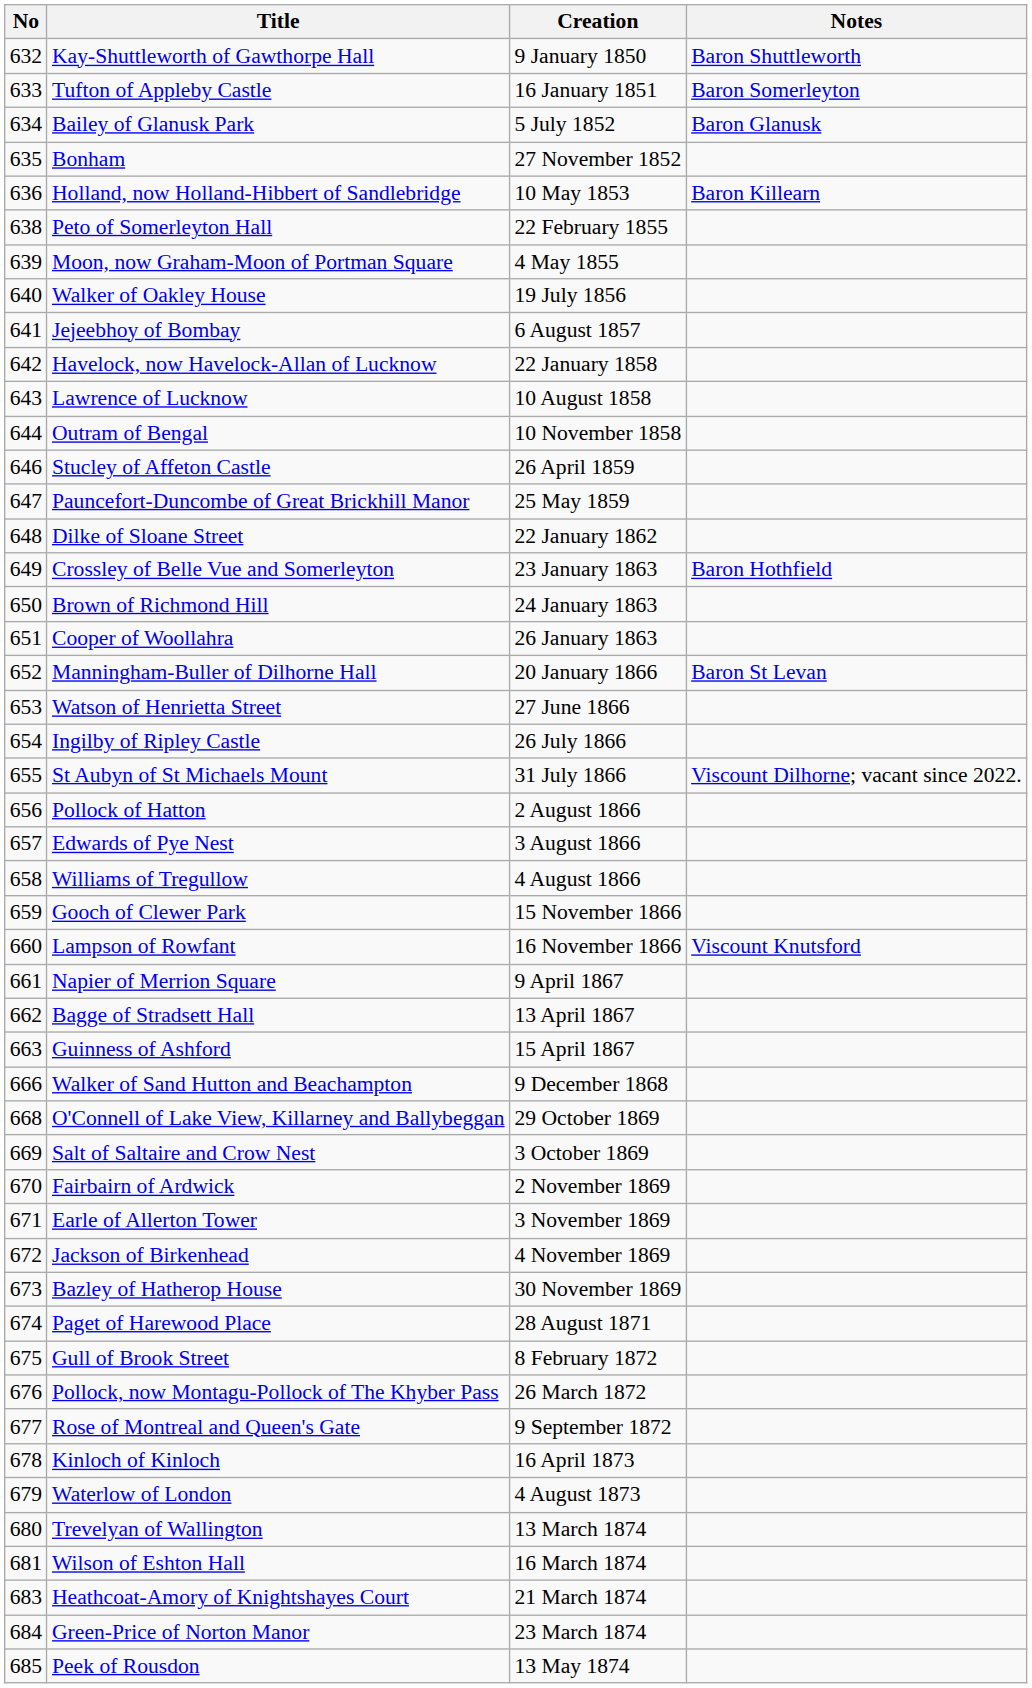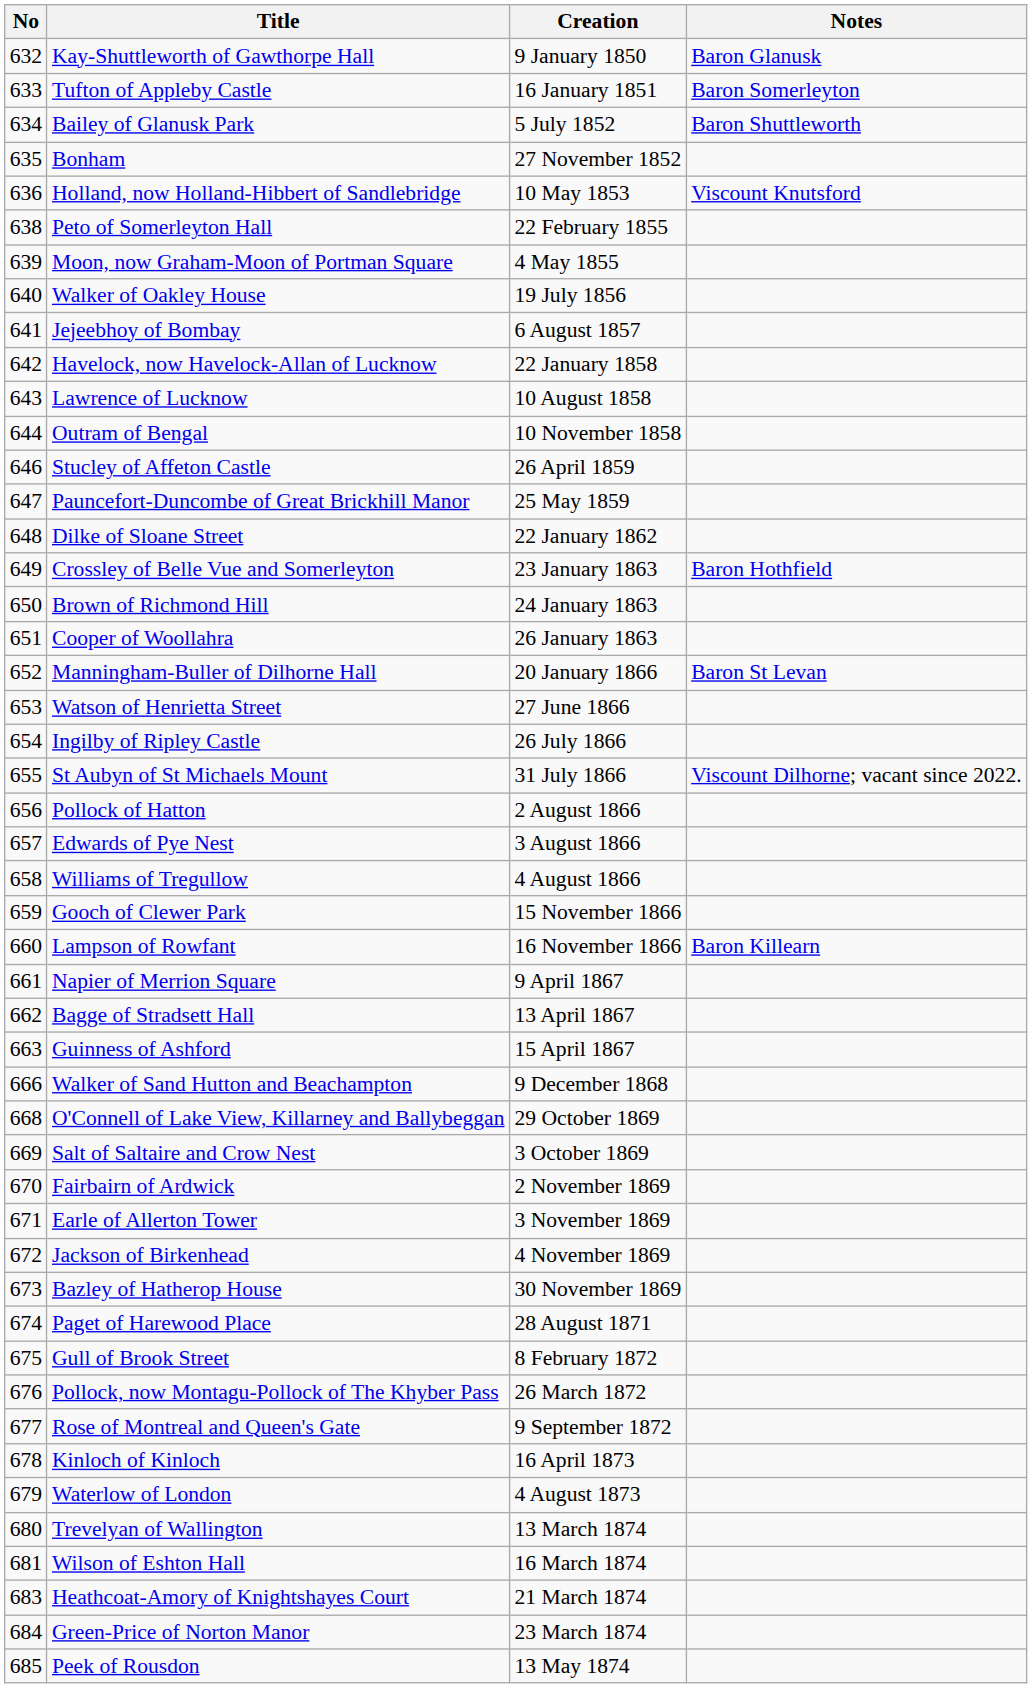 <table class="wikitable">
 <tr>
 <th>No</th>
 <th>Title</th>
 <th>Creation</th>
 <th>Notes</th>
 </tr>
 <tr>
 <td>632</td>
 <td><a href='#'>Kay-Shuttleworth of Gawthorpe Hall</a></td>
 <td>9 January 1850</td>
-<td><a href='#'>Baron Shuttleworth</a></td>
+<td><a href='#'>Baron Glanusk</a></td>
 </tr>
 <tr>
 <td>633</td>
 <td><a href='#'>Tufton of Appleby Castle</a></td>
 <td>16 January 1851</td>
 <td><a href='#'>Baron Somerleyton</a></td>
 </tr>
 <tr>
 <td>634</td>
 <td><a href='#'>Bailey of Glanusk Park</a></td>
 <td>5 July 1852</td>
-<td><a href='#'>Baron Glanusk</a></td>
+<td><a href='#'>Baron Shuttleworth</a></td>
 </tr>
 <tr>
 <td>635</td>
 <td><a href='#'>Bonham</a></td>
 <td>27 November 1852</td>
 <td></td>
 </tr>
 <tr>
 <td>636</td>
 <td><a href='#'>Holland, now Holland-Hibbert of Sandlebridge</a></td>
 <td>10 May 1853</td>
-<td><a href='#'>Baron Killearn</a></td>
+<td><a href='#'>Viscount Knutsford</a></td>
 </tr>
 <tr>
 <td>638</td>
 <td><a href='#'>Peto of Somerleyton Hall</a></td>
 <td>22 February 1855</td>
 <td></td>
 </tr>
 <tr>
 <td>639</td>
 <td><a href='#'>Moon, now Graham-Moon of Portman Square</a></td>
 <td>4 May 1855</td>
 <td></td>
 </tr>
 <tr>
 <td>640</td>
 <td><a href='#'>Walker of Oakley House</a></td>
 <td>19 July 1856</td>
 <td></td>
 </tr>
 <tr>
 <td>641</td>
 <td><a href='#'>Jejeebhoy of Bombay</a></td>
 <td>6 August 1857</td>
 <td></td>
 </tr>
 <tr>
 <td>642</td>
 <td><a href='#'>Havelock, now Havelock-Allan of Lucknow</a></td>
 <td>22 January 1858</td>
 <td></td>
 </tr>
 <tr>
 <td>643</td>
 <td><a href='#'>Lawrence of Lucknow</a></td>
 <td>10 August 1858</td>
 <td></td>
 </tr>
 <tr>
 <td>644</td>
 <td><a href='#'>Outram of Bengal</a></td>
 <td>10 November 1858</td>
 <td></td>
 </tr>
 <tr>
 <td>646</td>
 <td><a href='#'>Stucley of Affeton Castle</a></td>
 <td>26 April 1859</td>
 <td></td>
 </tr>
 <tr>
 <td>647</td>
 <td><a href='#'>Pauncefort-Duncombe of Great Brickhill Manor</a></td>
 <td>25 May 1859</td>
 <td></td>
 </tr>
 <tr>
 <td>648</td>
 <td><a href='#'>Dilke of Sloane Street</a></td>
 <td>22 January 1862</td>
 <td></td>
 </tr>
 <tr>
 <td>649</td>
 <td><a href='#'>Crossley of Belle Vue and Somerleyton</a></td>
 <td>23 January 1863</td>
 <td><a href='#'>Baron Hothfield</a></td>
 </tr>
 <tr>
 <td>650</td>
 <td><a href='#'>Brown of Richmond Hill</a></td>
 <td>24 January 1863</td>
 <td></td>
 </tr>
 <tr>
 <td>651</td>
 <td><a href='#'>Cooper of Woollahra</a></td>
 <td>26 January 1863</td>
 <td></td>
 </tr>
 <tr>
 <td>652</td>
 <td><a href='#'>Manningham-Buller of Dilhorne Hall</a></td>
 <td>20 January 1866</td>
 <td><a href='#'>Baron St Levan</a></td>
 </tr>
 <tr>
 <td>653</td>
 <td><a href='#'>Watson of Henrietta Street</a></td>
 <td>27 June 1866</td>
 <td></td>
 </tr>
 <tr>
 <td>654</td>
 <td><a href='#'>Ingilby of Ripley Castle</a></td>
 <td>26 July 1866</td>
 <td></td>
 </tr>
 <tr>
 <td>655</td>
 <td><a href='#'>St Aubyn of St Michaels Mount</a></td>
 <td>31 July 1866</td>
 <td><a href='#'>Viscount Dilhorne</a>; vacant since 2022.</td>
 </tr>
 <tr>
 <td>656</td>
 <td><a href='#'>Pollock of Hatton</a></td>
 <td>2 August 1866</td>
 <td></td>
 </tr>
 <tr>
 <td>657</td>
 <td><a href='#'>Edwards of Pye Nest</a></td>
 <td>3 August 1866</td>
 <td></td>
 </tr>
 <tr>
 <td>658</td>
 <td><a href='#'>Williams of Tregullow</a></td>
 <td>4 August 1866</td>
 <td></td>
 </tr>
 <tr>
 <td>659</td>
 <td><a href='#'>Gooch of Clewer Park</a></td>
 <td>15 November 1866</td>
 <td></td>
 </tr>
 <tr>
 <td>660</td>
 <td><a href='#'>Lampson of Rowfant</a></td>
 <td>16 November 1866</td>
-<td><a href='#'>Viscount Knutsford</a></td>
+<td><a href='#'>Baron Killearn</a></td>
 </tr>
 <tr>
 <td>661</td>
 <td><a href='#'>Napier of Merrion Square</a></td>
 <td>9 April 1867</td>
 <td></td>
 </tr>
 <tr>
 <td>662</td>
 <td><a href='#'>Bagge of Stradsett Hall</a></td>
 <td>13 April 1867</td>
 <td></td>
 </tr>
 <tr>
 <td>663</td>
 <td><a href='#'>Guinness of Ashford</a></td>
 <td>15 April 1867</td>
 <td></td>
 </tr>
 <tr>
 <td>666</td>
 <td><a href='#'>Walker of Sand Hutton and Beachampton</a></td>
 <td>9 December 1868</td>
 <td></td>
 </tr>
 <tr>
 <td>668</td>
 <td><a href='#'>O'Connell of Lake View, Killarney and Ballybeggan</a></td>
 <td>29 October 1869</td>
 <td></td>
 </tr>
 <tr>
 <td>669</td>
 <td><a href='#'>Salt of Saltaire and Crow Nest</a></td>
 <td>3 October 1869</td>
 <td></td>
 </tr>
 <tr>
 <td>670</td>
 <td><a href='#'>Fairbairn of Ardwick</a></td>
 <td>2 November 1869</td>
 <td></td>
 </tr>
 <tr>
 <td>671</td>
 <td><a href='#'>Earle of Allerton Tower</a></td>
 <td>3 November 1869</td>
 <td></td>
 </tr>
 <tr>
 <td>672</td>
 <td><a href='#'>Jackson of Birkenhead</a></td>
 <td>4 November 1869</td>
 <td></td>
 </tr>
 <tr>
 <td>673</td>
 <td><a href='#'>Bazley of Hatherop House</a></td>
 <td>30 November 1869</td>
 <td></td>
 </tr>
 <tr>
 <td>674</td>
 <td><a href='#'>Paget of Harewood Place</a></td>
 <td>28 August 1871</td>
 <td></td>
 </tr>
 <tr>
 <td>675</td>
 <td><a href='#'>Gull of Brook Street</a></td>
 <td>8 February 1872</td>
 <td></td>
 </tr>
 <tr>
 <td>676</td>
 <td><a href='#'>Pollock, now Montagu-Pollock of The Khyber Pass</a></td>
 <td>26 March 1872</td>
 <td></td>
 </tr>
 <tr>
 <td>677</td>
 <td><a href='#'>Rose of Montreal and Queen's Gate</a></td>
 <td>9 September 1872</td>
 <td></td>
 </tr>
 <tr>
 <td>678</td>
 <td><a href='#'>Kinloch of Kinloch</a></td>
 <td>16 April 1873</td>
 <td></td>
 </tr>
 <tr>
 <td>679</td>
 <td><a href='#'>Waterlow of London</a></td>
 <td>4 August 1873</td>
 <td></td>
 </tr>
 <tr>
 <td>680</td>
 <td><a href='#'>Trevelyan of Wallington</a></td>
 <td>13 March 1874</td>
 <td></td>
 </tr>
 <tr>
 <td>681</td>
 <td><a href='#'>Wilson of Eshton Hall</a></td>
 <td>16 March 1874</td>
 <td></td>
 </tr>
 <tr>
 <td>683</td>
 <td><a href='#'>Heathcoat-Amory of Knightshayes Court</a></td>
 <td>21 March 1874</td>
 <td></td>
 </tr>
 <tr>
 <td>684</td>
 <td><a href='#'>Green-Price of Norton Manor</a></td>
 <td>23 March 1874</td>
 <td></td>
 </tr>
 <tr>
 <td>685</td>
 <td><a href='#'>Peek of Rousdon</a></td>
 <td>13 May 1874</td>
 <td></td>
 </tr>
 </table>
